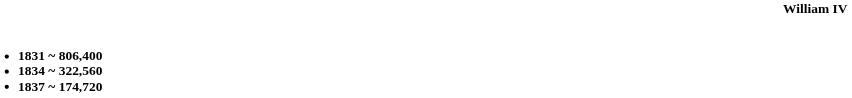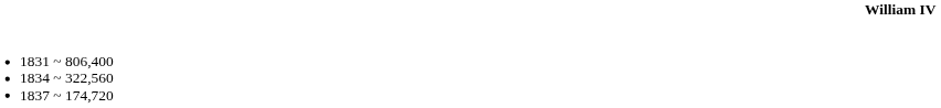 <table class="toccolours collapsible" style="width:100%; background:inherit">
 <tr>
 <th>William IV</th>
 </tr>
 <tr>
-<td><strong><br><ul><li>1831 ~ 806,400</li><li>1834 ~ 322,560</li><li>1837 ~ 174,720</li></ul></strong></td>
+<td><br><ul><li>1831 ~ 806,400</li><li>1834 ~ 322,560</li><li>1837 ~ 174,720</li></ul></td>
 </tr>
 </table>
